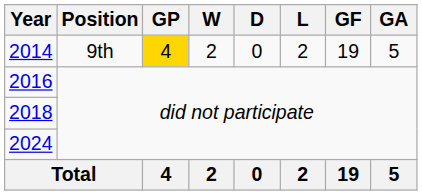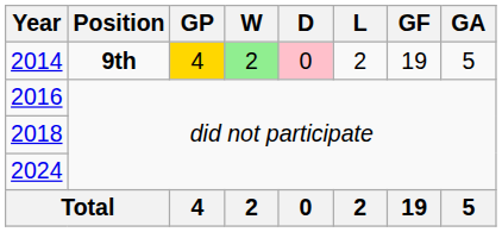 <table class="wikitable" style="text-align: center;">
 <tr>
 <th>Year</th>
 <th>Position</th>
 <th width=30>GP</th>
 <th width=30>W</th>
 <th width=30>D</th>
 <th width=30>L</th>
 <th width=30>GF</th>
 <th width=30>GA</th>
 </tr>
 <tr>
 <td> <a href='#'>2014</a></td>
-<td>9th</td>
+<td><strong>9th</strong></td>
 <td style="background: gold;">4</td>
-<td>2</td>
-<td>0</td>
+<td style="background: lightgreen;">2</td>
+<td style="background: pink;">0</td>
 <td>2</td>
 <td>19</td>
 <td>5</td>
 </tr>
 <tr>
 <td> <a href='#'>2016</a></td>
 <td rowspan=3 colspan=7><em>did not participate</em></td>
 </tr>
 <tr>
 <td> <a href='#'>2018</a></td>
 </tr>
 <tr>
 <td> <a href='#'>2024</a></td>
 </tr>
 <tr>
 <th colspan=2>Total</th>
 <th>4</th>
 <th>2</th>
 <th>0</th>
 <th>2</th>
 <th>19</th>
 <th>5</th>
 </tr>
 </table>
